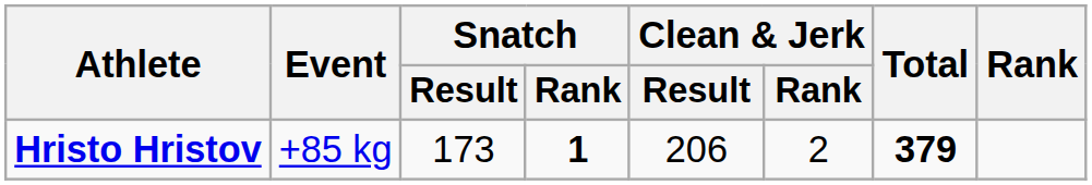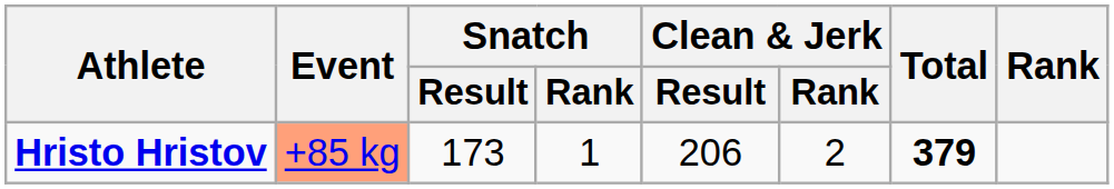 <table class="wikitable" style="font-size:90%">
 <tr>
 <th rowspan="2">Athlete</th>
 <th rowspan="2">Event</th>
 <th colspan="2">Snatch</th>
 <th colspan="2">Clean & Jerk</th>
 <th rowspan="2">Total</th>
 <th rowspan="2">Rank</th>
 </tr>
 <tr style="font-size:95%">
 <th>Result</th>
 <th>Rank</th>
 <th>Result</th>
 <th>Rank</th>
 </tr>
 <tr align=center>
 <td align=left><strong><a href='#'>Hristo Hristov</a></strong></td>
-<td align=left><a href='#'>+85 kg</a></td>
+<td align=left style="background: lightsalmon;"><a href='#'>+85 kg</a></td>
 <td>173</td>
-<td><strong>1</strong></td>
+<td>1</td>
 <td>206</td>
 <td>2</td>
 <td><strong>379</strong></td>
 <td></td>
 </tr>
 </table>
